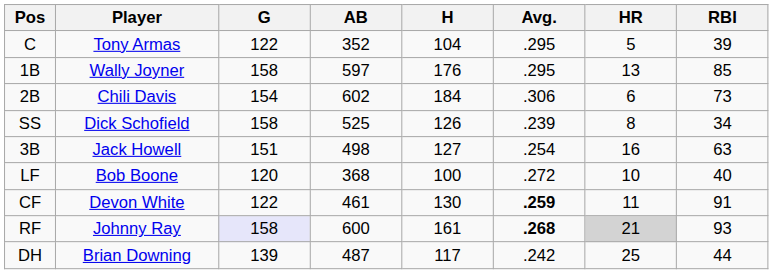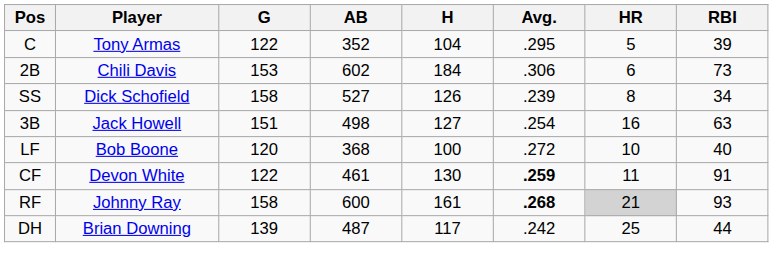 <table class="wikitable sortable">
 <tr>
 <th bgcolor="#DDDDFF" width="5%">Pos</th>
 <th bgcolor="#DDDDFF" width="16%">Player</th>
 <th bgcolor="#DDDDFF" width="9%">G</th>
 <th bgcolor="#DDDDFF" width="9%">AB</th>
 <th bgcolor="#DDDDFF" width="9%">H</th>
 <th bgcolor="#DDDDFF" width="9%">Avg.</th>
 <th bgcolor="#DDDDFF" width="9%">HR</th>
 <th bgcolor="#DDDDFF" width="9%">RBI</th>
 </tr>
 <tr align=center>
 <td>C</td>
 <td><a href='#'>Tony Armas</a></td>
 <td>122</td>
 <td>352</td>
 <td>104</td>
 <td>.295</td>
 <td>5</td>
 <td>39</td>
 </tr>
 <tr align=center>
-<td>1B</td>
-<td><a href='#'>Wally Joyner</a></td>
-<td>158</td>
-<td>597</td>
-<td>176</td>
-<td>.295</td>
-<td>13</td>
-<td>85</td>
-</tr>
-<tr align=center>
 <td>2B</td>
 <td><a href='#'>Chili Davis</a></td>
-<td>154</td>
+<td>153</td>
 <td>602</td>
 <td>184</td>
 <td>.306</td>
 <td>6</td>
 <td>73</td>
 </tr>
 <tr align=center>
 <td>SS</td>
 <td><a href='#'>Dick Schofield</a></td>
 <td>158</td>
-<td>525</td>
+<td>527</td>
 <td>126</td>
 <td>.239</td>
 <td>8</td>
 <td>34</td>
 </tr>
 <tr align=center>
 <td>3B</td>
 <td><a href='#'>Jack Howell</a></td>
 <td>151</td>
 <td>498</td>
 <td>127</td>
 <td>.254</td>
 <td>16</td>
 <td>63</td>
 </tr>
 <tr align=center>
 <td>LF</td>
 <td><a href='#'>Bob Boone</a></td>
 <td>120</td>
 <td>368</td>
 <td>100</td>
 <td>.272</td>
 <td>10</td>
 <td>40</td>
 </tr>
 <tr align=center>
 <td>CF</td>
 <td><a href='#'>Devon White</a></td>
 <td>122</td>
 <td>461</td>
 <td>130</td>
 <td><strong>.259</strong></td>
 <td>11</td>
 <td>91</td>
 </tr>
 <tr align=center>
 <td>RF</td>
 <td><a href='#'>Johnny Ray</a></td>
-<td style="background: lavender;">158</td>
+<td>158</td>
 <td>600</td>
 <td>161</td>
 <td><strong>.268</strong></td>
 <td style="background: lightgrey;">21</td>
 <td>93</td>
 </tr>
 <tr align=center>
 <td>DH</td>
 <td><a href='#'>Brian Downing</a></td>
 <td>139</td>
 <td>487</td>
 <td>117</td>
 <td>.242</td>
 <td>25</td>
 <td>44</td>
 </tr>
 </table>
